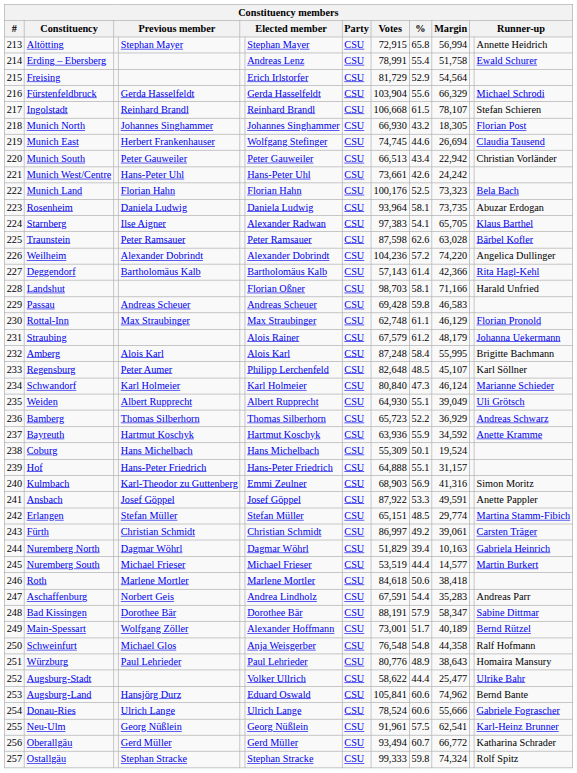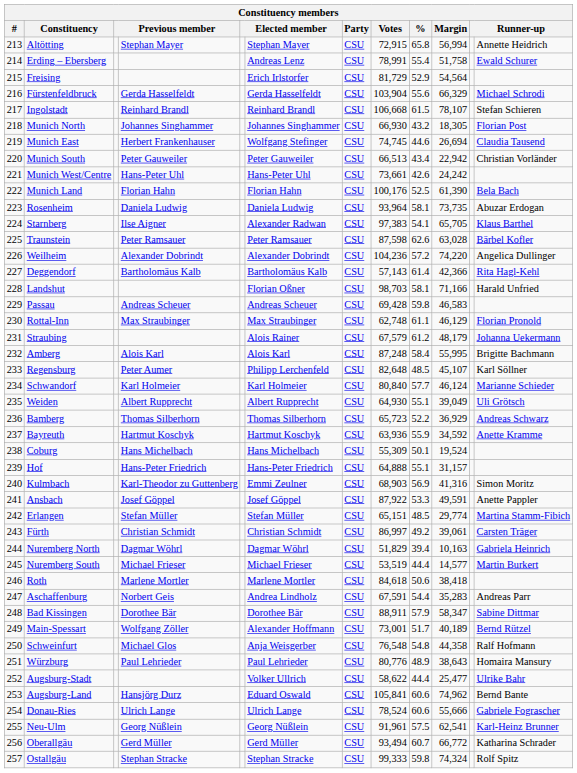 <table class="wikitable sortable" style="text-align:right">
 <tr>
 <th colspan="12">Constituency members</th>
 </tr>
 <tr>
 <th>#</th>
 <th>Constituency</th>
 <th colspan="2">Previous member</th>
 <th colspan="2">Elected member</th>
 <th>Party</th>
 <th>Votes</th>
 <th>%</th>
 <th>Margin</th>
 <th colspan="2">Runner-up</th>
 </tr>
 <tr>
 <td>213</td>
 <td align=left><a href='#'>Altötting</a></td>
 <td bgcolor=></td>
 <td align=left><a href='#'>Stephan Mayer</a></td>
 <td bgcolor=></td>
 <td align=left><a href='#'>Stephan Mayer</a></td>
 <td align=left><a href='#'>CSU</a></td>
 <td>72,915</td>
 <td>65.8</td>
 <td>56,994</td>
 <td bgcolor=></td>
 <td align=left>Annette Heidrich</td>
 </tr>
 <tr>
 <td>214</td>
 <td align=left><a href='#'>Erding – Ebersberg</a></td>
 <td bgcolor=></td>
 <td align=left></td>
 <td></td>
 <td align=left><a href='#'>Andreas Lenz</a></td>
 <td align=left><a href='#'>CSU</a></td>
 <td>78,991</td>
 <td>55.4</td>
 <td>51,758</td>
 <td bgcolor=></td>
 <td align=left><a href='#'>Ewald Schurer</a></td>
 </tr>
 <tr>
 <td>215</td>
 <td align=left><a href='#'>Freising</a></td>
 <td bgcolor=></td>
 <td align=left></td>
 <td></td>
 <td align=left><a href='#'>Erich Irlstorfer</a></td>
 <td align=left><a href='#'>CSU</a></td>
 <td>81,729</td>
 <td>52.9</td>
 <td>54,564</td>
 <td bgcolor=></td>
 <td align=left></td>
 </tr>
 <tr>
 <td>216</td>
 <td align=left><a href='#'>Fürstenfeldbruck</a></td>
 <td bgcolor=></td>
 <td align=left><a href='#'>Gerda Hasselfeldt</a></td>
 <td bgcolor=></td>
 <td align=left><a href='#'>Gerda Hasselfeldt</a></td>
 <td align=left><a href='#'>CSU</a></td>
 <td>103,904</td>
 <td>55.6</td>
 <td>66,329</td>
 <td bgcolor=></td>
 <td align=left><a href='#'>Michael Schrodi</a></td>
 </tr>
 <tr>
 <td>217</td>
 <td align=left><a href='#'>Ingolstadt</a></td>
 <td bgcolor=></td>
 <td align=left><a href='#'>Reinhard Brandl</a></td>
 <td bgcolor=></td>
 <td align=left><a href='#'>Reinhard Brandl</a></td>
 <td align=left><a href='#'>CSU</a></td>
 <td>106,668</td>
 <td>61.5</td>
 <td>78,107</td>
 <td bgcolor=></td>
 <td align=left>Stefan Schieren</td>
 </tr>
 <tr>
 <td>218</td>
 <td align=left><a href='#'>Munich North</a></td>
 <td bgcolor=></td>
 <td align=left><a href='#'>Johannes Singhammer</a></td>
 <td bgcolor=></td>
 <td align=left><a href='#'>Johannes Singhammer</a></td>
 <td align=left><a href='#'>CSU</a></td>
 <td>66,930</td>
 <td>43.2</td>
 <td>18,305</td>
 <td bgcolor=></td>
 <td align=left><a href='#'>Florian Post</a></td>
 </tr>
 <tr>
 <td>219</td>
 <td align=left><a href='#'>Munich East</a></td>
 <td bgcolor=></td>
 <td align=left><a href='#'>Herbert Frankenhauser</a></td>
 <td bgcolor=></td>
 <td align=left><a href='#'>Wolfgang Stefinger</a></td>
 <td align=left><a href='#'>CSU</a></td>
 <td>74,745</td>
 <td>44.6</td>
 <td>26,694</td>
 <td bgcolor=></td>
 <td align=left><a href='#'>Claudia Tausend</a></td>
 </tr>
 <tr>
 <td>220</td>
 <td align=left><a href='#'>Munich South</a></td>
 <td bgcolor=></td>
 <td align=left><a href='#'>Peter Gauweiler</a></td>
 <td bgcolor=></td>
 <td align=left><a href='#'>Peter Gauweiler</a></td>
 <td align=left><a href='#'>CSU</a></td>
 <td>66,513</td>
 <td>43.4</td>
 <td>22,942</td>
 <td bgcolor=></td>
 <td align=left>Christian Vorländer</td>
 </tr>
 <tr>
 <td>221</td>
 <td align=left><a href='#'>Munich West/Centre</a></td>
 <td bgcolor=></td>
 <td align=left><a href='#'>Hans-Peter Uhl</a></td>
 <td bgcolor=></td>
 <td align=left><a href='#'>Hans-Peter Uhl</a></td>
 <td align=left><a href='#'>CSU</a></td>
 <td>73,661</td>
 <td>42.6</td>
 <td>24,242</td>
 <td bgcolor=></td>
 <td align=left></td>
 </tr>
 <tr>
 <td>222</td>
 <td align=left><a href='#'>Munich Land</a></td>
 <td bgcolor=></td>
 <td align=left><a href='#'>Florian Hahn</a></td>
 <td bgcolor=></td>
 <td align=left><a href='#'>Florian Hahn</a></td>
 <td align=left><a href='#'>CSU</a></td>
 <td>100,176</td>
 <td>52.5</td>
-<td>73,323</td>
+<td>61,390</td>
 <td bgcolor=></td>
 <td align=left><a href='#'>Bela Bach</a></td>
 </tr>
 <tr>
 <td>223</td>
 <td align=left><a href='#'>Rosenheim</a></td>
 <td bgcolor=></td>
 <td align=left><a href='#'>Daniela Ludwig</a></td>
 <td bgcolor=></td>
 <td align=left><a href='#'>Daniela Ludwig</a></td>
 <td align=left><a href='#'>CSU</a></td>
 <td>93,964</td>
 <td>58.1</td>
 <td>73,735</td>
 <td bgcolor=></td>
 <td align=left>Abuzar Erdogan</td>
 </tr>
 <tr>
 <td>224</td>
 <td align=left><a href='#'>Starnberg</a></td>
 <td bgcolor=></td>
 <td align=left><a href='#'>Ilse Aigner</a></td>
 <td bgcolor=></td>
 <td align=left><a href='#'>Alexander Radwan</a></td>
 <td align=left><a href='#'>CSU</a></td>
 <td>97,383</td>
 <td>54.1</td>
 <td>65,705</td>
 <td bgcolor=></td>
 <td align=left><a href='#'>Klaus Barthel</a></td>
 </tr>
 <tr>
 <td>225</td>
 <td align=left><a href='#'>Traunstein</a></td>
 <td bgcolor=></td>
 <td align=left><a href='#'>Peter Ramsauer</a></td>
 <td bgcolor=></td>
 <td align=left><a href='#'>Peter Ramsauer</a></td>
 <td align=left><a href='#'>CSU</a></td>
 <td>87,598</td>
 <td>62.6</td>
 <td>63,028</td>
 <td bgcolor=></td>
 <td align=left><a href='#'>Bärbel Kofler</a></td>
 </tr>
 <tr>
 <td>226</td>
 <td align=left><a href='#'>Weilheim</a></td>
 <td bgcolor=></td>
 <td align=left><a href='#'>Alexander Dobrindt</a></td>
 <td bgcolor=></td>
 <td align=left><a href='#'>Alexander Dobrindt</a></td>
 <td align=left><a href='#'>CSU</a></td>
 <td>104,236</td>
 <td>57.2</td>
 <td>74,220</td>
 <td bgcolor=></td>
 <td align=left>Angelica Dullinger</td>
 </tr>
 <tr>
 <td>227</td>
 <td align=left><a href='#'>Deggendorf</a></td>
 <td bgcolor=></td>
 <td align=left><a href='#'>Bartholomäus Kalb</a></td>
 <td bgcolor=></td>
 <td align=left><a href='#'>Bartholomäus Kalb</a></td>
 <td align=left><a href='#'>CSU</a></td>
 <td>57,143</td>
 <td>61.4</td>
 <td>42,366</td>
 <td bgcolor=></td>
 <td align=left><a href='#'>Rita Hagl-Kehl</a></td>
 </tr>
 <tr>
 <td>228</td>
 <td align=left><a href='#'>Landshut</a></td>
 <td bgcolor=></td>
 <td align=left></td>
 <td></td>
 <td align=left><a href='#'>Florian Oßner</a></td>
 <td align=left><a href='#'>CSU</a></td>
 <td>98,703</td>
 <td>58.1</td>
 <td>71,166</td>
 <td bgcolor=></td>
 <td align=left>Harald Unfried</td>
 </tr>
 <tr>
 <td>229</td>
 <td align=left><a href='#'>Passau</a></td>
 <td bgcolor=></td>
 <td align=left><a href='#'>Andreas Scheuer</a></td>
 <td bgcolor=></td>
 <td align=left><a href='#'>Andreas Scheuer</a></td>
 <td align=left><a href='#'>CSU</a></td>
 <td>69,428</td>
 <td>59.8</td>
 <td>46,583</td>
 <td bgcolor=></td>
 <td align=left></td>
 </tr>
 <tr>
 <td>230</td>
 <td align=left><a href='#'>Rottal-Inn</a></td>
 <td bgcolor=></td>
 <td align=left><a href='#'>Max Straubinger</a></td>
 <td bgcolor=></td>
 <td align=left><a href='#'>Max Straubinger</a></td>
 <td align=left><a href='#'>CSU</a></td>
 <td>62,748</td>
 <td>61.1</td>
 <td>46,129</td>
 <td bgcolor=></td>
 <td align=left><a href='#'>Florian Pronold</a></td>
 </tr>
 <tr>
 <td>231</td>
 <td align=left><a href='#'>Straubing</a></td>
 <td bgcolor=></td>
 <td align=left></td>
 <td></td>
 <td align=left><a href='#'>Alois Rainer</a></td>
 <td align=left><a href='#'>CSU</a></td>
 <td>67,579</td>
 <td>61.2</td>
 <td>48,179</td>
 <td bgcolor=></td>
 <td align=left><a href='#'>Johanna Uekermann</a></td>
 </tr>
 <tr>
 <td>232</td>
 <td align=left><a href='#'>Amberg</a></td>
 <td bgcolor=></td>
 <td align=left><a href='#'>Alois Karl</a></td>
 <td bgcolor=></td>
 <td align=left><a href='#'>Alois Karl</a></td>
 <td align=left><a href='#'>CSU</a></td>
 <td>87,248</td>
 <td>58.4</td>
 <td>55,995</td>
 <td bgcolor=></td>
 <td align=left>Brigitte Bachmann</td>
 </tr>
 <tr>
 <td>233</td>
 <td align=left><a href='#'>Regensburg</a></td>
 <td bgcolor=></td>
 <td align=left><a href='#'>Peter Aumer</a></td>
 <td bgcolor=></td>
 <td align=left><a href='#'>Philipp Lerchenfeld</a></td>
 <td align="left"><a href='#'>CSU</a></td>
 <td>82,648</td>
 <td>48.5</td>
 <td>45,107</td>
 <td bgcolor=></td>
 <td align=left>Karl Söllner</td>
 </tr>
 <tr>
 <td>234</td>
 <td align=left><a href='#'>Schwandorf</a></td>
 <td bgcolor=></td>
 <td align=left><a href='#'>Karl Holmeier</a></td>
 <td bgcolor=></td>
 <td align=left><a href='#'>Karl Holmeier</a></td>
 <td align=left><a href='#'>CSU</a></td>
 <td>80,840</td>
-<td>47.3</td>
+<td>57.7</td>
 <td>46,124</td>
 <td bgcolor=></td>
 <td align=left><a href='#'>Marianne Schieder</a></td>
 </tr>
 <tr>
 <td>235</td>
 <td align=left><a href='#'>Weiden</a></td>
 <td bgcolor=></td>
 <td align=left><a href='#'>Albert Rupprecht</a></td>
 <td bgcolor=></td>
 <td align=left><a href='#'>Albert Rupprecht</a></td>
 <td align=left><a href='#'>CSU</a></td>
 <td>64,930</td>
 <td>55.1</td>
 <td>39,049</td>
 <td bgcolor=></td>
 <td align=left><a href='#'>Uli Grötsch</a></td>
 </tr>
 <tr>
 <td>236</td>
 <td align=left><a href='#'>Bamberg</a></td>
 <td bgcolor=></td>
 <td align=left><a href='#'>Thomas Silberhorn</a></td>
 <td bgcolor=></td>
 <td align=left><a href='#'>Thomas Silberhorn</a></td>
 <td align=left><a href='#'>CSU</a></td>
 <td>65,723</td>
 <td>52.2</td>
 <td>36,929</td>
 <td bgcolor=></td>
 <td align=left><a href='#'>Andreas Schwarz</a></td>
 </tr>
 <tr>
 <td>237</td>
 <td align=left><a href='#'>Bayreuth</a></td>
 <td bgcolor=></td>
 <td align=left><a href='#'>Hartmut Koschyk</a></td>
 <td></td>
 <td align=left><a href='#'>Hartmut Koschyk</a></td>
 <td align="left"><a href='#'>CSU</a></td>
 <td>63,936</td>
 <td>55.9</td>
 <td>34,592</td>
 <td bgcolor=></td>
 <td align=left><a href='#'>Anette Kramme</a></td>
 </tr>
 <tr>
 <td>238</td>
 <td align=left><a href='#'>Coburg</a></td>
 <td bgcolor=></td>
 <td align=left><a href='#'>Hans Michelbach</a></td>
 <td bgcolor=></td>
 <td align=left><a href='#'>Hans Michelbach</a></td>
 <td align=left><a href='#'>CSU</a></td>
 <td>55,309</td>
 <td>50.1</td>
 <td>19,524</td>
 <td bgcolor=></td>
 <td align=left></td>
 </tr>
 <tr>
 <td>239</td>
 <td align=left><a href='#'>Hof</a></td>
 <td bgcolor=></td>
 <td align=left><a href='#'>Hans-Peter Friedrich</a></td>
 <td bgcolor=></td>
 <td align=left><a href='#'>Hans-Peter Friedrich</a></td>
 <td align=left><a href='#'>CSU</a></td>
 <td>64,888</td>
 <td>55.1</td>
 <td>31,157</td>
 <td bgcolor=></td>
 <td align=left></td>
 </tr>
 <tr>
 <td>240</td>
 <td align=left><a href='#'>Kulmbach</a></td>
 <td bgcolor=></td>
 <td align=left><a href='#'>Karl-Theodor zu Guttenberg</a></td>
 <td bgcolor=></td>
 <td align=left><a href='#'>Emmi Zeulner</a></td>
 <td align=left><a href='#'>CSU</a></td>
 <td>68,903</td>
 <td>56.9</td>
 <td>41,316</td>
 <td bgcolor=></td>
 <td align=left>Simon Moritz</td>
 </tr>
 <tr>
 <td>241</td>
 <td align=left><a href='#'>Ansbach</a></td>
 <td bgcolor=></td>
 <td align=left><a href='#'>Josef Göppel</a></td>
 <td bgcolor=></td>
 <td align=left><a href='#'>Josef Göppel</a></td>
 <td align=left><a href='#'>CSU</a></td>
 <td>87,922</td>
 <td>53.3</td>
 <td>49,591</td>
 <td bgcolor=></td>
 <td align=left>Anette Pappler</td>
 </tr>
 <tr>
 <td>242</td>
 <td align=left><a href='#'>Erlangen</a></td>
 <td bgcolor=></td>
 <td align=left><a href='#'>Stefan Müller</a></td>
 <td bgcolor=></td>
 <td align=left><a href='#'>Stefan Müller</a></td>
 <td align=left><a href='#'>CSU</a></td>
 <td>65,151</td>
 <td>48.5</td>
 <td>29,774</td>
 <td bgcolor=></td>
 <td align=left><a href='#'>Martina Stamm-Fibich</a></td>
 </tr>
 <tr>
 <td>243</td>
 <td align=left><a href='#'>Fürth</a></td>
 <td bgcolor=></td>
 <td align=left><a href='#'>Christian Schmidt</a></td>
 <td bgcolor=></td>
 <td align=left><a href='#'>Christian Schmidt</a></td>
 <td align=left><a href='#'>CSU</a></td>
 <td>86,997</td>
 <td>49.2</td>
 <td>39,061</td>
 <td bgcolor=></td>
 <td align=left><a href='#'>Carsten Träger</a></td>
 </tr>
 <tr>
 <td>244</td>
 <td align=left><a href='#'>Nuremberg North</a></td>
 <td bgcolor=></td>
 <td align=left><a href='#'>Dagmar Wöhrl</a></td>
 <td bgcolor=></td>
 <td align=left><a href='#'>Dagmar Wöhrl</a></td>
 <td align=left><a href='#'>CSU</a></td>
 <td>51,829</td>
 <td>39.4</td>
 <td>10,163</td>
 <td bgcolor=></td>
 <td align=left><a href='#'>Gabriela Heinrich</a></td>
 </tr>
 <tr>
 <td>245</td>
 <td align=left><a href='#'>Nuremberg South</a></td>
 <td bgcolor=></td>
 <td align=left><a href='#'>Michael Frieser</a></td>
 <td bgcolor=></td>
 <td align=left><a href='#'>Michael Frieser</a></td>
 <td align=left><a href='#'>CSU</a></td>
 <td>53,519</td>
 <td>44.4</td>
 <td>14,577</td>
 <td bgcolor=></td>
 <td align=left><a href='#'>Martin Burkert</a></td>
 </tr>
 <tr>
 <td>246</td>
 <td align=left><a href='#'>Roth</a></td>
 <td bgcolor=></td>
 <td align=left><a href='#'>Marlene Mortler</a></td>
 <td bgcolor=></td>
 <td align=left><a href='#'>Marlene Mortler</a></td>
 <td align=left><a href='#'>CSU</a></td>
 <td>84,618</td>
 <td>50.6</td>
 <td>38,418</td>
 <td bgcolor=></td>
 <td align=left></td>
 </tr>
 <tr>
 <td>247</td>
 <td align=left><a href='#'>Aschaffenburg</a></td>
 <td bgcolor=></td>
 <td align=left><a href='#'>Norbert Geis</a></td>
 <td bgcolor=></td>
 <td align=left><a href='#'>Andrea Lindholz</a></td>
 <td align=left><a href='#'>CSU</a></td>
 <td>67,591</td>
 <td>54.4</td>
 <td>35,283</td>
 <td bgcolor=></td>
 <td align=left>Andreas Parr</td>
 </tr>
 <tr>
 <td>248</td>
 <td align=left><a href='#'>Bad Kissingen</a></td>
 <td bgcolor=></td>
 <td align=left><a href='#'>Dorothee Bär</a></td>
 <td bgcolor=></td>
 <td align=left><a href='#'>Dorothee Bär</a></td>
 <td align=left><a href='#'>CSU</a></td>
-<td>88,191</td>
+<td>88,911</td>
 <td>57.9</td>
 <td>58,347</td>
 <td bgcolor=></td>
 <td align=left><a href='#'>Sabine Dittmar</a></td>
 </tr>
 <tr>
 <td>249</td>
 <td align=left><a href='#'>Main-Spessart</a></td>
 <td bgcolor=></td>
 <td align=left><a href='#'>Wolfgang Zöller</a></td>
 <td></td>
 <td align=left><a href='#'>Alexander Hoffmann</a></td>
 <td align=left><a href='#'>CSU</a></td>
 <td>73,001</td>
 <td>51.7</td>
 <td>40,189</td>
 <td bgcolor=></td>
 <td align=left><a href='#'>Bernd Rützel</a></td>
 </tr>
 <tr>
 <td>250</td>
 <td align=left><a href='#'>Schweinfurt</a></td>
 <td bgcolor=></td>
 <td align=left><a href='#'>Michael Glos</a></td>
 <td bgcolor=></td>
 <td align=left><a href='#'>Anja Weisgerber</a></td>
 <td align=left><a href='#'>CSU</a></td>
 <td>76,548</td>
 <td>54.8</td>
 <td>44,358</td>
 <td bgcolor=></td>
 <td align=left>Ralf Hofmann</td>
 </tr>
 <tr>
 <td>251</td>
 <td align=left><a href='#'>Würzburg</a></td>
 <td bgcolor=></td>
 <td align=left><a href='#'>Paul Lehrieder</a></td>
 <td bgcolor=></td>
 <td align=left><a href='#'>Paul Lehrieder</a></td>
 <td align=left><a href='#'>CSU</a></td>
 <td>80,776</td>
 <td>48.9</td>
 <td>38,643</td>
 <td bgcolor=></td>
 <td align=left>Homaira Mansury</td>
 </tr>
 <tr>
 <td>252</td>
 <td align=left><a href='#'>Augsburg-Stadt</a></td>
 <td bgcolor=></td>
 <td align=left></td>
 <td></td>
 <td align=left><a href='#'>Volker Ullrich</a></td>
 <td align=left><a href='#'>CSU</a></td>
 <td>58,622</td>
 <td>44.4</td>
 <td>25,477</td>
 <td bgcolor=></td>
 <td align=left><a href='#'>Ulrike Bahr</a></td>
 </tr>
 <tr>
 <td>253</td>
 <td align=left><a href='#'>Augsburg-Land</a></td>
 <td bgcolor=></td>
 <td align=left><a href='#'>Hansjörg Durz</a></td>
 <td bgcolor=></td>
 <td align=left><a href='#'>Eduard Oswald</a></td>
 <td align=left><a href='#'>CSU</a></td>
 <td>105,841</td>
 <td>60.6</td>
 <td>74,962</td>
 <td bgcolor=></td>
 <td align=left>Bernd Bante</td>
 </tr>
 <tr>
 <td>254</td>
 <td align=left><a href='#'>Donau-Ries</a></td>
 <td bgcolor=></td>
 <td align=left><a href='#'>Ulrich Lange</a></td>
 <td bgcolor=></td>
 <td align=left><a href='#'>Ulrich Lange</a></td>
 <td align=left><a href='#'>CSU</a></td>
 <td>78,524</td>
 <td>60.6</td>
 <td>55,666</td>
 <td bgcolor=></td>
 <td align=left><a href='#'>Gabriele Fograscher</a></td>
 </tr>
 <tr>
 <td>255</td>
 <td align=left><a href='#'>Neu-Ulm</a></td>
 <td bgcolor=></td>
 <td align=left><a href='#'>Georg Nüßlein</a></td>
 <td bgcolor=></td>
 <td align=left><a href='#'>Georg Nüßlein</a></td>
 <td align=left><a href='#'>CSU</a></td>
 <td>91,961</td>
 <td>57.5</td>
 <td>62,541</td>
 <td bgcolor=></td>
 <td align=left><a href='#'>Karl-Heinz Brunner</a></td>
 </tr>
 <tr>
 <td>256</td>
 <td align=left><a href='#'>Oberallgäu</a></td>
 <td bgcolor=></td>
 <td align=left><a href='#'>Gerd Müller</a></td>
 <td bgcolor=></td>
 <td align=left><a href='#'>Gerd Müller</a></td>
 <td align=left><a href='#'>CSU</a></td>
 <td>93,494</td>
 <td>60.7</td>
 <td>66,772</td>
 <td bgcolor=></td>
 <td align=left>Katharina Schrader</td>
 </tr>
 <tr>
 <td>257</td>
 <td align=left><a href='#'>Ostallgäu</a></td>
 <td bgcolor=></td>
 <td align=left><a href='#'>Stephan Stracke</a></td>
 <td bgcolor=></td>
 <td align=left><a href='#'>Stephan Stracke</a></td>
 <td align=left><a href='#'>CSU</a></td>
 <td>99,333</td>
 <td>59.8</td>
 <td>74,324</td>
 <td bgcolor=></td>
 <td align=left>Rolf Spitz</td>
 </tr>
 </table>
